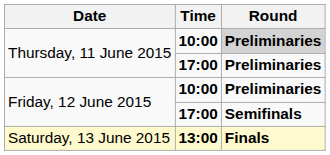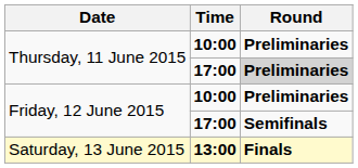 <table class="wikitable">
 <tr>
 <th>Date</th>
 <th>Time</th>
 <th>Round</th>
 </tr>
 <tr>
 <td rowspan="2">Thursday, 11 June 2015</td>
 <td><strong>10:00</strong></td>
-<td style="background: lightgrey;"><strong>Preliminaries</strong></td>
+<td><strong>Preliminaries</strong></td>
 </tr>
 <tr>
 <td><strong>17:00</strong></td>
-<td><strong>Preliminaries</strong></td>
+<td style="background: lightgrey;"><strong>Preliminaries</strong></td>
 </tr>
 <tr>
 <td rowspan="2">Friday, 12 June 2015</td>
 <td><strong>10:00</strong></td>
 <td><strong>Preliminaries</strong></td>
 </tr>
 <tr>
 <td><strong>17:00</strong></td>
 <td><strong>Semifinals</strong></td>
 </tr>
 <tr style="background:lemonchiffon;">
 <td>Saturday, 13 June 2015</td>
 <td><strong>13:00</strong></td>
 <td><strong>Finals</strong></td>
 </tr>
 </table>
